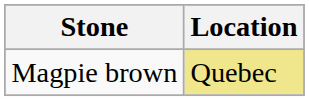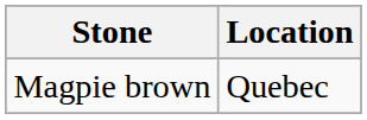 <table class="wikitable">
 <tr>
 <th>Stone</th>
 <th>Location</th>
 </tr>
 <tr>
 <td>Magpie brown</td>
-<td style="background: khaki;">Quebec</td>
+<td>Quebec</td>
 </tr>
 </table>
